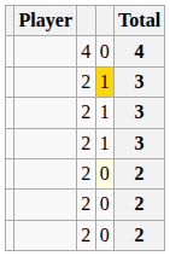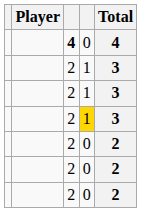 <table class="wikitable plainrowheaders sortable" style="text-align:center;">
 <tr>
 <th scope="col"></th>
 <th scope="col">Player</th>
 <th scope="col"></th>
 <th scope="col"></th>
 <th scope="col">Total</th>
 </tr>
 <tr>
 <td></td>
 <td></td>
-<td>4</td>
+<td><strong>4</strong></td>
 <td>0</td>
 <th>4</th>
 </tr>
 <tr>
 <td></td>
 <td><strong></strong></td>
 <td>2</td>
-<td style="background: gold;">1</td>
+<td>1</td>
 <th>3</th>
 </tr>
 <tr>
 <td></td>
 <td></td>
 <td>2</td>
 <td>1</td>
 <th>3</th>
 </tr>
 <tr>
 <td></td>
 <td><strong></strong></td>
 <td>2</td>
-<td>1</td>
+<td style="background: gold;">1</td>
 <th>3</th>
 </tr>
 <tr>
 <td></td>
 <td></td>
 <td>2</td>
-<td style="background: lightyellow;">0</td>
+<td>0</td>
 <th>2</th>
 </tr>
 <tr>
 <td></td>
 <td></td>
 <td>2</td>
 <td>0</td>
 <th>2</th>
 </tr>
 <tr>
 <td></td>
 <td><strong></strong></td>
 <td>2</td>
 <td>0</td>
 <th>2</th>
 </tr>
 <tr>
 </tr>
 </table>
